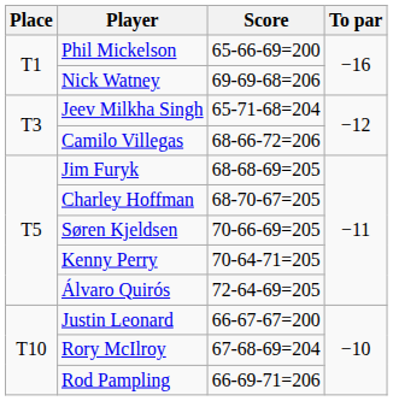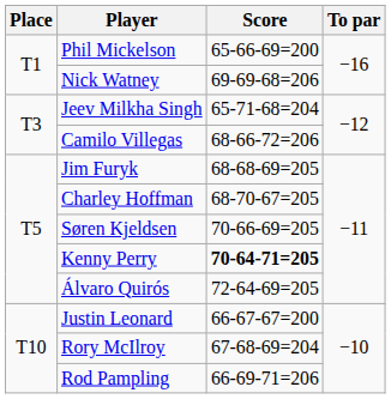 <table class="wikitable">
 <tr>
 <th>Place</th>
 <th>Player</th>
 <th>Score</th>
 <th>To par</th>
 </tr>
 <tr>
 <td rowspan="2" align=center>T1</td>
 <td> <a href='#'>Phil Mickelson</a></td>
 <td align=center>65-66-69=200</td>
 <td rowspan="2" align=center>−16</td>
 </tr>
 <tr>
 <td> <a href='#'>Nick Watney</a></td>
 <td align=center>69-69-68=206</td>
 </tr>
 <tr>
 <td rowspan="2" align=center>T3</td>
 <td> <a href='#'>Jeev Milkha Singh</a></td>
 <td align=center>65-71-68=204</td>
 <td rowspan="2" align=center>−12</td>
 </tr>
 <tr>
 <td> <a href='#'>Camilo Villegas</a></td>
 <td align=center>68-66-72=206</td>
 </tr>
 <tr>
 <td rowspan="5" align=center>T5</td>
 <td> <a href='#'>Jim Furyk</a></td>
 <td align=center>68-68-69=205</td>
 <td rowspan="5" align=center>−11</td>
 </tr>
 <tr>
 <td> <a href='#'>Charley Hoffman</a></td>
 <td align=center>68-70-67=205</td>
 </tr>
 <tr>
 <td> <a href='#'>Søren Kjeldsen</a></td>
 <td align=center>70-66-69=205</td>
 </tr>
 <tr>
 <td> <a href='#'>Kenny Perry</a></td>
-<td align=center>70-64-71=205</td>
+<td align=center><strong>70-64-71=205</strong></td>
 </tr>
 <tr>
 <td> <a href='#'>Álvaro Quirós</a></td>
 <td align=center>72-64-69=205</td>
 </tr>
 <tr>
 <td rowspan="3" align=center>T10</td>
 <td> <a href='#'>Justin Leonard</a></td>
 <td align=center>66-67-67=200</td>
 <td rowspan="3" align=center>−10</td>
 </tr>
 <tr>
 <td> <a href='#'>Rory McIlroy</a></td>
 <td align=center>67-68-69=204</td>
 </tr>
 <tr>
 <td> <a href='#'>Rod Pampling</a></td>
 <td align=center>66-69-71=206</td>
 </tr>
 </table>
